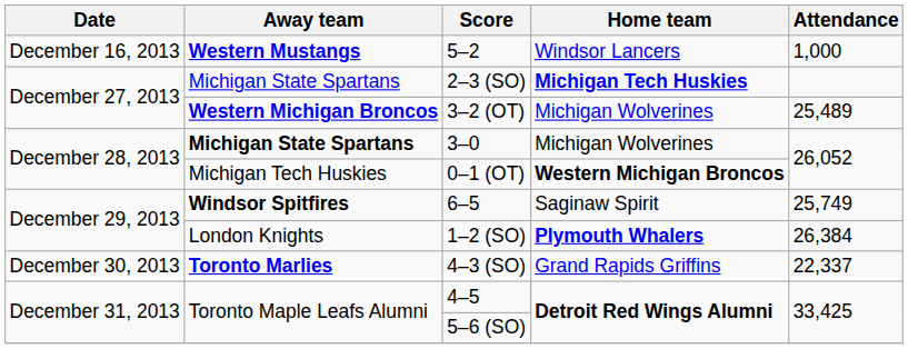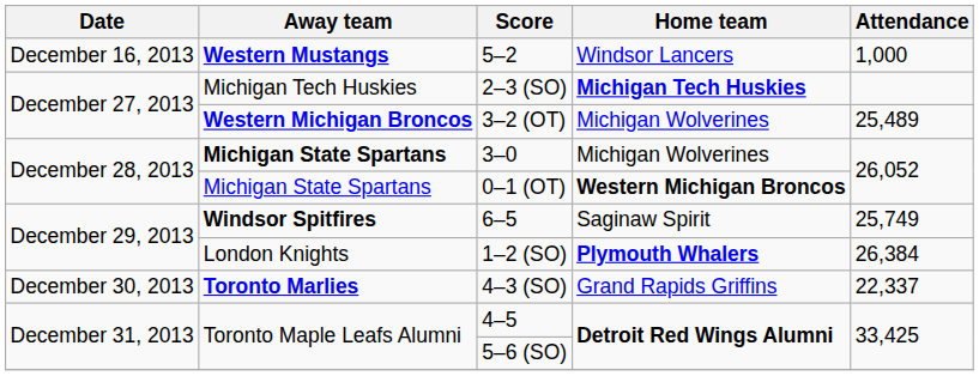 <table class="wikitable">
 <tr>
 <th>Date</th>
 <th>Away team</th>
 <th>Score</th>
 <th>Home team</th>
 <th>Attendance</th>
 </tr>
 <tr>
 <td>December 16, 2013</td>
 <td><strong><a href='#'>Western Mustangs</a></strong></td>
 <td>5–2</td>
 <td><a href='#'>Windsor Lancers</a></td>
 <td>1,000</td>
 </tr>
 <tr>
 <td rowspan="2">December 27, 2013</td>
-<td><a href='#'>Michigan State Spartans</a></td>
+<td>Michigan Tech Huskies</td>
 <td>2–3 (SO)</td>
 <td><strong><a href='#'>Michigan Tech Huskies</a></strong></td>
 <td></td>
 </tr>
 <tr>
 <td><strong><a href='#'>Western Michigan Broncos</a></strong></td>
 <td>3–2 (OT)</td>
 <td><a href='#'>Michigan Wolverines</a></td>
 <td>25,489</td>
 </tr>
 <tr>
 <td rowspan="2">December 28, 2013</td>
 <td><strong>Michigan State Spartans</strong></td>
 <td>3–0</td>
 <td>Michigan Wolverines</td>
 <td rowspan="2">26,052</td>
 </tr>
 <tr>
-<td>Michigan Tech Huskies</td>
+<td><a href='#'>Michigan State Spartans</a></td>
 <td>0–1 (OT)</td>
 <td><strong>Western Michigan Broncos</strong></td>
 </tr>
 <tr>
 <td rowspan="2">December 29, 2013</td>
 <td><strong>Windsor Spitfires</strong></td>
 <td>6–5</td>
 <td>Saginaw Spirit</td>
 <td>25,749</td>
 </tr>
 <tr>
 <td>London Knights</td>
 <td>1–2 (SO)</td>
 <td><strong><a href='#'>Plymouth Whalers</a></strong></td>
 <td>26,384</td>
 </tr>
 <tr>
 <td>December 30, 2013</td>
 <td><strong><a href='#'>Toronto Marlies</a></strong></td>
 <td>4–3 (SO)</td>
 <td><a href='#'>Grand Rapids Griffins</a></td>
 <td>22,337</td>
 </tr>
 <tr>
 <td rowspan="2">December 31, 2013</td>
 <td rowspan="2">Toronto Maple Leafs Alumni</td>
 <td>4–5</td>
 <td rowspan="2"><strong>Detroit Red Wings Alumni</strong></td>
 <td rowspan="2">33,425</td>
 </tr>
 <tr>
 <td>5–6 (SO)</td>
 </tr>
 <tr>
 </tr>
 </table>
